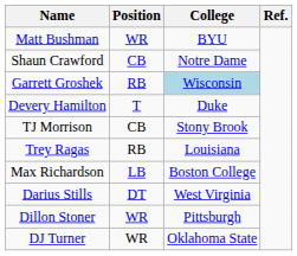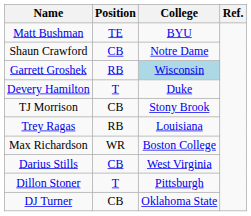 <table class="wikitable" style="text-align:center">
 <tr>
 <th>Name</th>
 <th>Position</th>
 <th>College</th>
 <th>Ref.</th>
 </tr>
 <tr>
 <td><a href='#'>Matt Bushman</a></td>
-<td><a href='#'>WR</a></td>
+<td><a href='#'>TE</a></td>
 <td><a href='#'>BYU</a></td>
 <td rowspan="10"></td>
 </tr>
 <tr>
 <td>Shaun Crawford</td>
 <td><a href='#'>CB</a></td>
 <td><a href='#'>Notre Dame</a></td>
 </tr>
 <tr>
 <td><a href='#'>Garrett Groshek</a></td>
 <td><a href='#'>RB</a></td>
 <td style="background: lightblue;"><a href='#'>Wisconsin</a></td>
 </tr>
 <tr>
 <td><a href='#'>Devery Hamilton</a></td>
 <td><a href='#'>T</a></td>
 <td><a href='#'>Duke</a></td>
 </tr>
 <tr>
 <td>TJ Morrison</td>
 <td>CB</td>
 <td><a href='#'>Stony Brook</a></td>
 </tr>
 <tr>
 <td><a href='#'>Trey Ragas</a></td>
 <td>RB</td>
 <td><a href='#'>Louisiana</a></td>
 </tr>
 <tr>
 <td>Max Richardson</td>
-<td><a href='#'>LB</a></td>
+<td>WR</td>
 <td><a href='#'>Boston College</a></td>
 </tr>
 <tr>
 <td><a href='#'>Darius Stills</a></td>
-<td><a href='#'>DT</a></td>
+<td><a href='#'>CB</a></td>
 <td><a href='#'>West Virginia</a></td>
 </tr>
 <tr>
 <td><a href='#'>Dillon Stoner</a></td>
-<td><a href='#'>WR</a></td>
+<td><a href='#'>T</a></td>
 <td><a href='#'>Pittsburgh</a></td>
 </tr>
 <tr>
 <td><a href='#'>DJ Turner</a></td>
-<td>WR</td>
+<td>CB</td>
 <td><a href='#'>Oklahoma State</a></td>
 </tr>
 </table>
